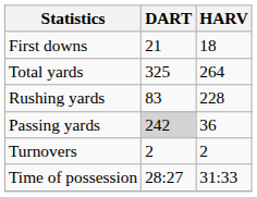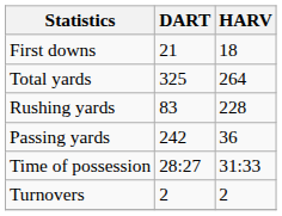 <table class="wikitable" style="float: left;">
 <tr>
 <th>Statistics</th>
 <th>DART</th>
 <th>HARV</th>
 </tr>
 <tr>
 <td>First downs</td>
 <td>21</td>
 <td>18</td>
 </tr>
 <tr>
 <td>Total yards</td>
 <td>325</td>
 <td>264</td>
 </tr>
 <tr>
 <td>Rushing yards</td>
 <td>83</td>
 <td>228</td>
 </tr>
 <tr>
 <td>Passing yards</td>
-<td style="background: lightgrey;">242</td>
+<td>242</td>
 <td>36</td>
+</tr>
+<tr>
+<td>Time of possession</td>
+<td>28:27</td>
+<td>31:33</td>
 </tr>
 <tr>
 <td>Turnovers</td>
 <td>2</td>
 <td>2</td>
 </tr>
 <tr>
-<td>Time of possession</td>
-<td>28:27</td>
-<td>31:33</td>
-</tr>
-<tr>
 </tr>
 </table>
